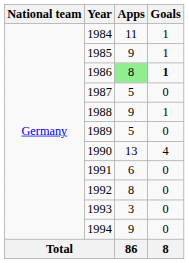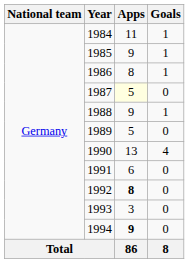 <table class="wikitable" style="text-align:center">
 <tr>
 <th>National team</th>
 <th>Year</th>
 <th>Apps</th>
 <th>Goals</th>
 </tr>
 <tr>
 <td rowspan="11"><a href='#'>Germany</a></td>
 <td>1984</td>
 <td>11</td>
 <td>1</td>
 </tr>
 <tr>
 <td>1985</td>
 <td>9</td>
 <td>1</td>
 </tr>
 <tr>
 <td>1986</td>
-<td style="background: lightgreen;">8</td>
-<td><strong>1</strong></td>
+<td>8</td>
+<td>1</td>
 </tr>
 <tr>
 <td>1987</td>
-<td>5</td>
+<td style="background: lightyellow;">5</td>
 <td>0</td>
 </tr>
 <tr>
 <td>1988</td>
 <td>9</td>
 <td>1</td>
 </tr>
 <tr>
 <td>1989</td>
 <td>5</td>
 <td>0</td>
 </tr>
 <tr>
 <td>1990</td>
 <td>13</td>
 <td>4</td>
 </tr>
 <tr>
 <td>1991</td>
 <td>6</td>
 <td>0</td>
 </tr>
 <tr>
 <td>1992</td>
-<td>8</td>
+<td><strong>8</strong></td>
 <td>0</td>
 </tr>
 <tr>
 <td>1993</td>
 <td>3</td>
 <td>0</td>
 </tr>
 <tr>
 <td>1994</td>
-<td>9</td>
+<td><strong>9</strong></td>
 <td>0</td>
 </tr>
 <tr>
 <th colspan="2">Total</th>
 <th>86</th>
 <th>8</th>
 </tr>
 </table>
